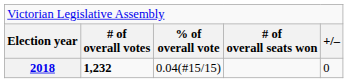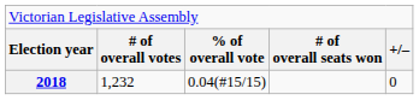 <table class=wikitable>
 <tr>
 <td colspan=5><a href='#'>Victorian Legislative Assembly</a></td>
 </tr>
 <tr>
 <th>Election year</th>
 <th># of<br>overall votes</th>
 <th>% of<br>overall vote</th>
 <th># of<br>overall seats won</th>
 <th>+/–</th>
 </tr>
 <tr>
 <th><a href='#'>2018</a></th>
-<td><strong>1,232</strong></td>
+<td>1,232</td>
 <td>0.04(#15/15)</td>
 <td></td>
 <td> 0</td>
 </tr>
 </table>
